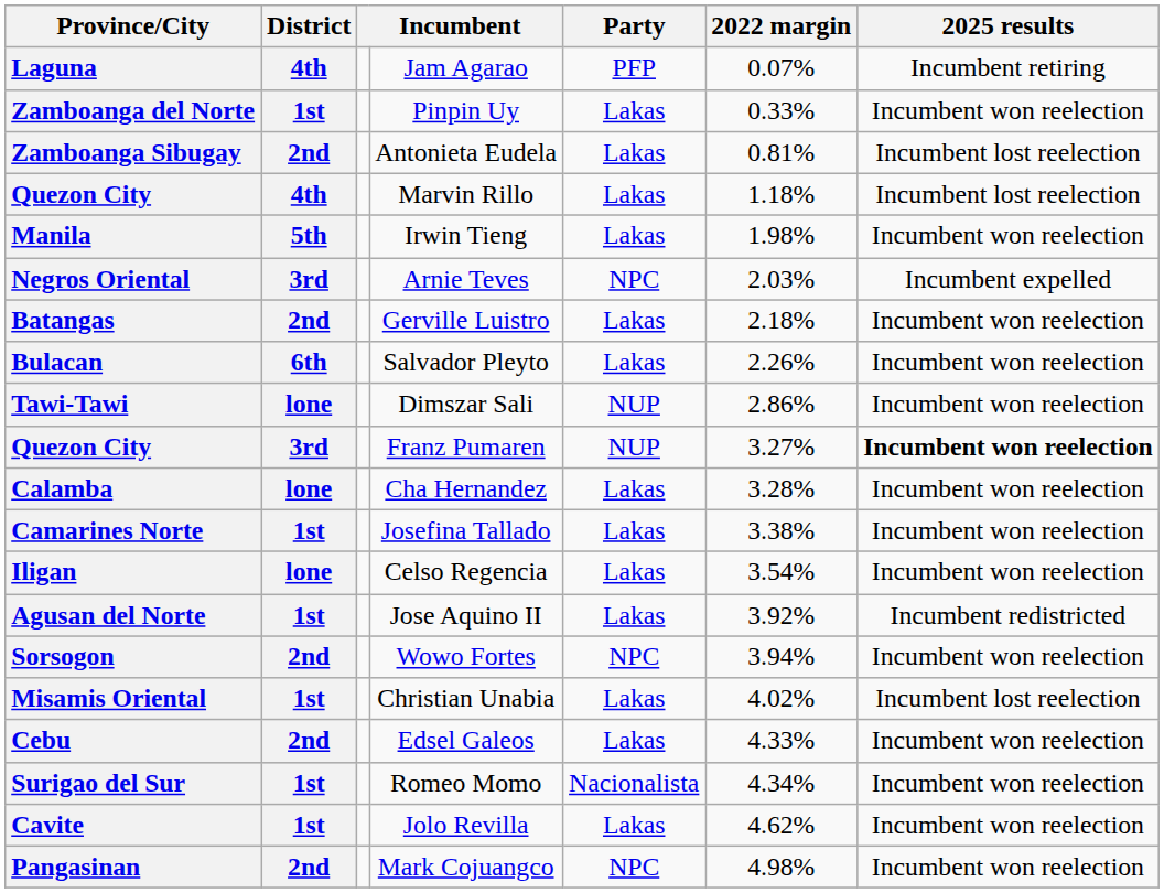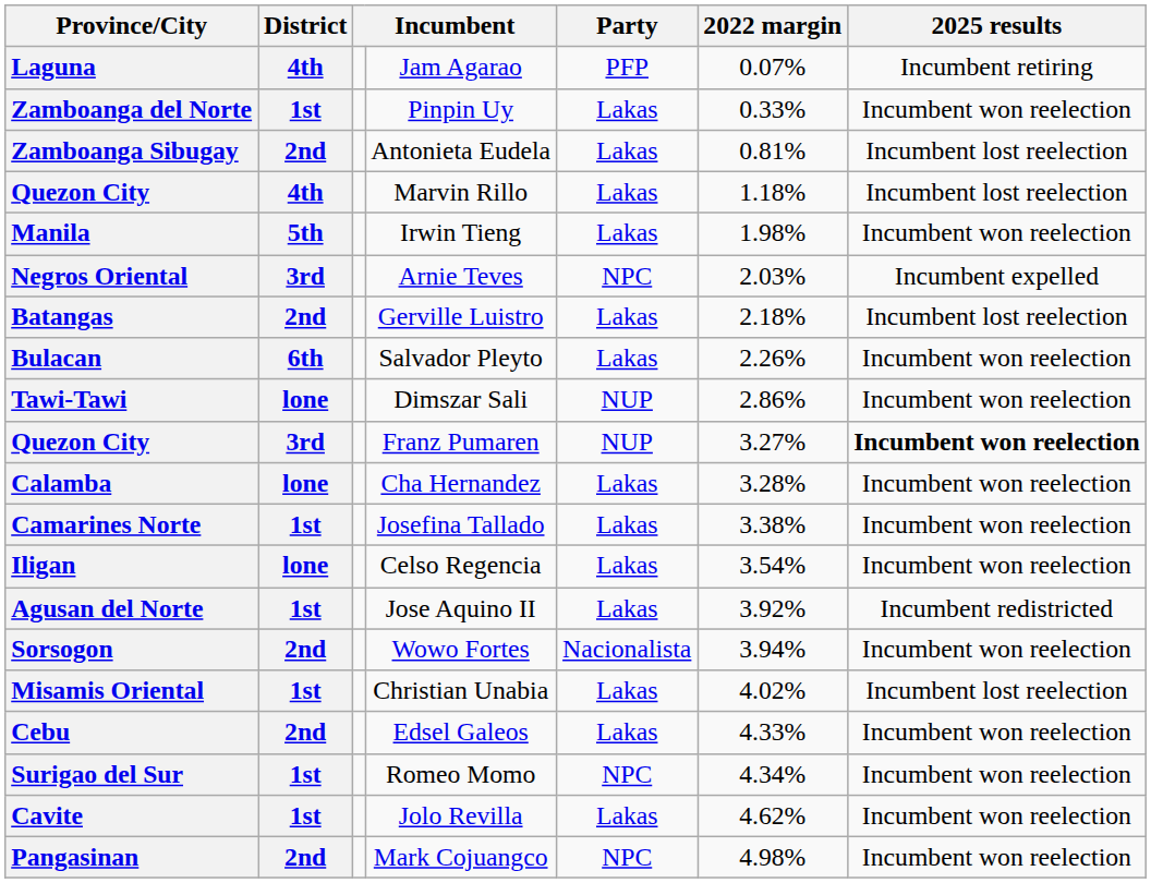 <table class="wikitable" style="font-size:98%; text-align:center;">
 <tr>
 <th>Province/City</th>
 <th>District</th>
 <th colspan=2>Incumbent</th>
 <th>Party</th>
 <th>2022 margin</th>
 <th>2025 results</th>
 </tr>
 <tr>
 <th style="text-align:left;"><a href='#'>Laguna</a></th>
 <th><a href='#'>4th</a></th>
 <td style="background:"></td>
 <td><a href='#'>Jam Agarao</a></td>
 <td><a href='#'>PFP</a></td>
 <td>0.07%</td>
 <td>Incumbent retiring</td>
 </tr>
 <tr>
 <th style="text-align:left;"><a href='#'>Zamboanga del Norte</a></th>
 <th><a href='#'>1st</a></th>
 <td style="background:"></td>
 <td><a href='#'>Pinpin Uy</a></td>
 <td><a href='#'>Lakas</a></td>
 <td>0.33%</td>
 <td>Incumbent won reelection</td>
 </tr>
 <tr>
 <th style="text-align:left;"><a href='#'>Zamboanga Sibugay</a></th>
 <th><a href='#'>2nd</a></th>
 <td style="background:"></td>
 <td>Antonieta Eudela</td>
 <td><a href='#'>Lakas</a></td>
 <td>0.81%</td>
 <td>Incumbent lost reelection</td>
 </tr>
 <tr>
 <th style="text-align:left;"><a href='#'>Quezon City</a></th>
 <th><a href='#'>4th</a></th>
 <td style="background:"></td>
 <td>Marvin Rillo</td>
 <td><a href='#'>Lakas</a></td>
 <td>1.18%</td>
 <td>Incumbent lost reelection</td>
 </tr>
 <tr>
 <th style="text-align:left;"><a href='#'>Manila</a></th>
 <th><a href='#'>5th</a></th>
 <td style="background:"></td>
 <td>Irwin Tieng</td>
 <td><a href='#'>Lakas</a></td>
 <td>1.98%</td>
 <td>Incumbent won reelection</td>
 </tr>
 <tr>
 <th style="text-align:left;"><a href='#'>Negros Oriental</a></th>
 <th><a href='#'>3rd</a></th>
 <td style="background:"></td>
 <td><a href='#'>Arnie Teves</a></td>
 <td><a href='#'>NPC</a></td>
 <td>2.03%</td>
 <td>Incumbent expelled</td>
 </tr>
 <tr>
 <th style="text-align:left;"><a href='#'>Batangas</a></th>
 <th><a href='#'>2nd</a></th>
 <td style="background:"></td>
 <td><a href='#'>Gerville Luistro</a></td>
 <td><a href='#'>Lakas</a></td>
 <td>2.18%</td>
-<td>Incumbent won reelection</td>
+<td>Incumbent lost reelection</td>
 </tr>
 <tr>
 <th style="text-align:left;"><a href='#'>Bulacan</a></th>
 <th><a href='#'>6th</a></th>
 <td style="background:"></td>
 <td>Salvador Pleyto</td>
 <td><a href='#'>Lakas</a></td>
 <td>2.26%</td>
 <td>Incumbent won reelection</td>
 </tr>
 <tr>
 <th style="text-align:left;"><a href='#'>Tawi-Tawi</a></th>
 <th><a href='#'>lone</a></th>
 <td style="background:"></td>
 <td>Dimszar Sali</td>
 <td><a href='#'>NUP</a></td>
 <td>2.86%</td>
 <td>Incumbent won reelection</td>
 </tr>
 <tr>
 <th style="text-align:left;"><a href='#'>Quezon City</a></th>
 <th><a href='#'>3rd</a></th>
 <td style="background:"></td>
 <td><a href='#'>Franz Pumaren</a></td>
 <td><a href='#'>NUP</a></td>
 <td>3.27%</td>
 <td><strong>Incumbent won reelection</strong></td>
 </tr>
 <tr>
 <th style="text-align:left;"><a href='#'>Calamba</a></th>
 <th><a href='#'>lone</a></th>
 <td style="background:"></td>
 <td><a href='#'>Cha Hernandez</a></td>
 <td><a href='#'>Lakas</a></td>
 <td>3.28%</td>
 <td>Incumbent won reelection</td>
 </tr>
 <tr>
 <th style="text-align:left;"><a href='#'>Camarines Norte</a></th>
 <th><a href='#'>1st</a></th>
 <td style="background:"></td>
 <td><a href='#'>Josefina Tallado</a></td>
 <td><a href='#'>Lakas</a></td>
 <td>3.38%</td>
 <td>Incumbent won reelection</td>
 </tr>
 <tr>
 <th style="text-align:left;"><a href='#'>Iligan</a></th>
 <th><a href='#'>lone</a></th>
 <td style="background:"></td>
 <td>Celso Regencia</td>
 <td><a href='#'>Lakas</a></td>
 <td>3.54%</td>
 <td>Incumbent won reelection</td>
 </tr>
 <tr>
 <th style="text-align:left;"><a href='#'>Agusan del Norte</a></th>
 <th><a href='#'>1st</a></th>
 <td style="background:"></td>
 <td>Jose Aquino II</td>
 <td><a href='#'>Lakas</a></td>
 <td>3.92%</td>
 <td>Incumbent redistricted</td>
 </tr>
 <tr>
 <th style="text-align:left;"><a href='#'>Sorsogon</a></th>
 <th><a href='#'>2nd</a></th>
 <td style="background:"></td>
 <td><a href='#'>Wowo Fortes</a></td>
-<td><a href='#'>NPC</a></td>
+<td><a href='#'>Nacionalista</a></td>
 <td>3.94%</td>
 <td>Incumbent won reelection</td>
 </tr>
 <tr>
 <th style="text-align:left;"><a href='#'>Misamis Oriental</a></th>
 <th><a href='#'>1st</a></th>
 <td style="background:"></td>
 <td>Christian Unabia</td>
 <td><a href='#'>Lakas</a></td>
 <td>4.02%</td>
 <td>Incumbent lost reelection</td>
 </tr>
 <tr>
 <th style="text-align:left;"><a href='#'>Cebu</a></th>
 <th><a href='#'>2nd</a></th>
 <td style="background:"></td>
 <td><a href='#'>Edsel Galeos</a></td>
 <td><a href='#'>Lakas</a></td>
 <td>4.33%</td>
 <td>Incumbent won reelection</td>
 </tr>
 <tr>
 <th style="text-align:left;"><a href='#'>Surigao del Sur</a></th>
 <th><a href='#'>1st</a></th>
 <td style="background:"></td>
 <td>Romeo Momo</td>
-<td><a href='#'>Nacionalista</a></td>
+<td><a href='#'>NPC</a></td>
 <td>4.34%</td>
 <td>Incumbent won reelection</td>
 </tr>
 <tr>
 <th style="text-align:left;"><a href='#'>Cavite</a></th>
 <th><a href='#'>1st</a></th>
 <td style="background:"></td>
 <td><a href='#'>Jolo Revilla</a></td>
 <td><a href='#'>Lakas</a></td>
 <td>4.62%</td>
 <td>Incumbent won reelection</td>
 </tr>
 <tr>
 <th style="text-align:left;"><a href='#'>Pangasinan</a></th>
 <th><a href='#'>2nd</a></th>
 <td style="background:"></td>
 <td><a href='#'>Mark Cojuangco</a></td>
 <td><a href='#'>NPC</a></td>
 <td>4.98%</td>
 <td>Incumbent won reelection</td>
 </tr>
 </table>
